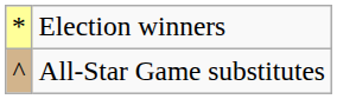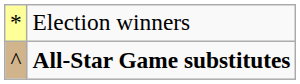 <table class=wikitable>
 <tr>
 <td style="text-align:center; background:#FFFF99">*</td>
 <td>Election winners</td>
 </tr>
 <tr>
 <td style="text-align:center; background:tan">^</td>
-<td>All-Star Game substitutes</td>
+<td><strong>All-Star Game substitutes</strong></td>
 </tr>
 </table>
